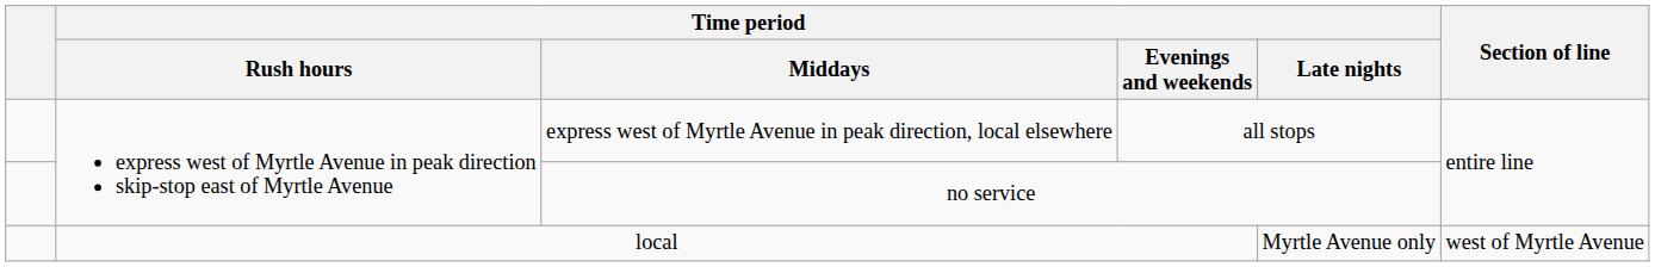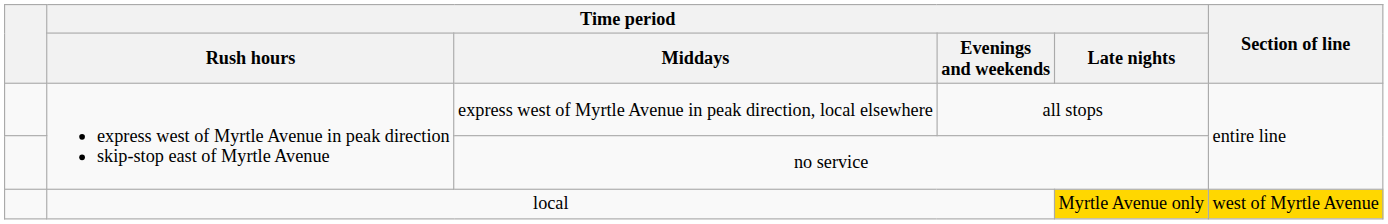 <table class="wikitable">
 <tr>
 <th rowspan=2> </th>
 <th colspan=4>Time period</th>
 <th rowspan=2>Section of line</th>
 </tr>
 <tr>
 <th>Rush hours</th>
 <th>Middays</th>
 <th>Evenings<br>and weekends</th>
 <th>Late nights</th>
 </tr>
 <tr>
 <td width=30></td>
 <td rowspan=2><br><ul><li>express west of Myrtle Avenue in peak direction</li><li>skip-stop east of Myrtle Avenue</li></ul></td>
 <td>express west of Myrtle Avenue in peak direction, local elsewhere</td>
 <td align=center colspan=2>all stops</td>
 <td rowspan=2>entire line</td>
 </tr>
 <tr>
 <td></td>
 <td align=center colspan=3>no service</td>
 </tr>
 <tr>
 <td></td>
 <td align=center colspan=3>local</td>
-<td align=center>Myrtle Avenue only</td>
-<td>west of Myrtle Avenue</td>
+<td align=center style="background: gold;">Myrtle Avenue only</td>
+<td style="background: gold;">west of Myrtle Avenue</td>
 </tr>
 </table>
